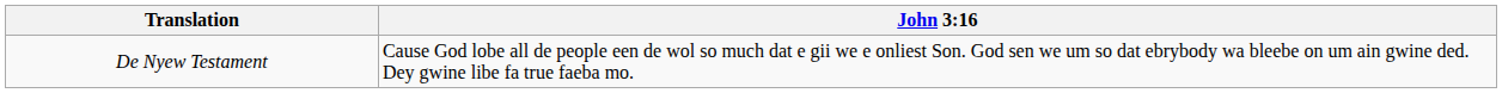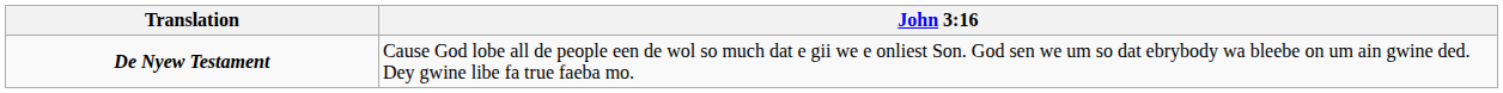 <table class="wikitable">
 <tr>
 <th style="text-align:center; width:25%;">Translation</th>
 <th><a href='#'>John</a> 3:16</th>
 </tr>
 <tr>
-<td style="text-align:center;"><em>De Nyew Testament</em></td>
+<td style="text-align:center;"><strong><em>De Nyew Testament</em></strong></td>
 <td>Cause God lobe all de people een de wol so much dat e gii we e onliest Son. God sen we um so dat ebrybody wa bleebe on um ain gwine ded. Dey gwine libe fa true faeba mo.</td>
 </tr>
 </table>
